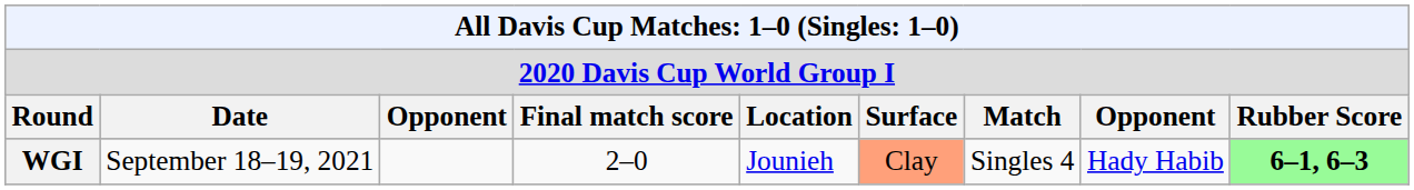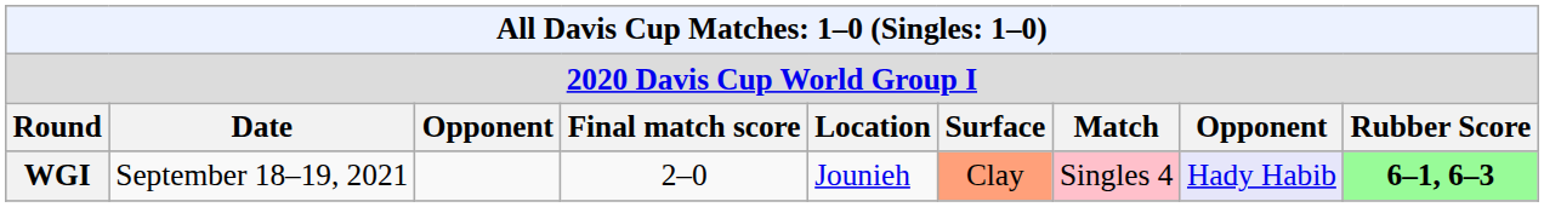 <table class="wikitable style="font-size:97%">
 <tr>
 <th colspan="9" style="width:555px; background:#ecf2ff;"><strong>All Davis Cup Matches: 1–0 (Singles: 1–0)</strong></th>
 </tr>
 <tr bgcolor=Gainsboro style="text-align:center;">
 <td colspan=9><strong><a href='#'>2020 Davis Cup World Group I</a></strong></td>
 </tr>
 <tr>
 <th>Round</th>
 <th>Date</th>
 <th>Opponent</th>
 <th>Final match score</th>
 <th>Location</th>
 <th>Surface</th>
 <th>Match</th>
 <th>Opponent</th>
 <th>Rubber Score</th>
 </tr>
 <tr>
 <th rowspan=1>WGI</th>
 <td rowspan=1>September 18–19, 2021</td>
 <td rowspan=1></td>
 <td rowspan=1 style="text-align:center;">2–0</td>
 <td rowspan=1><a href='#'>Jounieh</a></td>
 <td rowspan=1 style="text-align:center; background:#FFA07A;">Clay</td>
-<td>Singles 4</td>
-<td><a href='#'>Hady Habib</a></td>
+<td style="background: pink;">Singles 4</td>
+<td style="background: lavender;"><a href='#'>Hady Habib</a></td>
 <td style="text-align:center; background:#98FB98;"><strong>6–1, 6–3</strong></td>
 </tr>
 </table>
